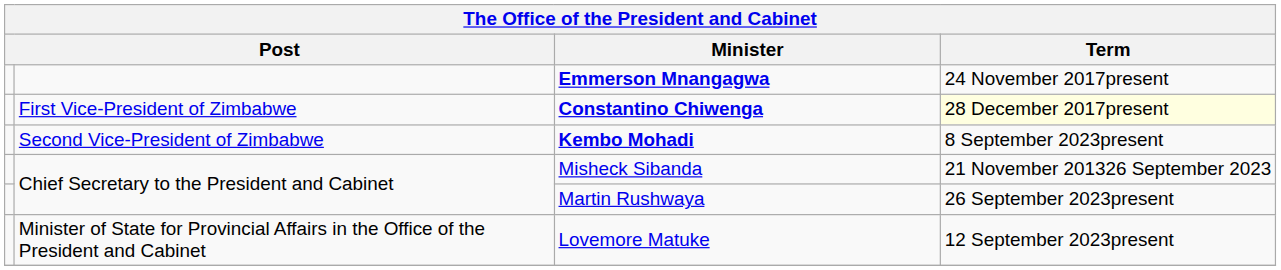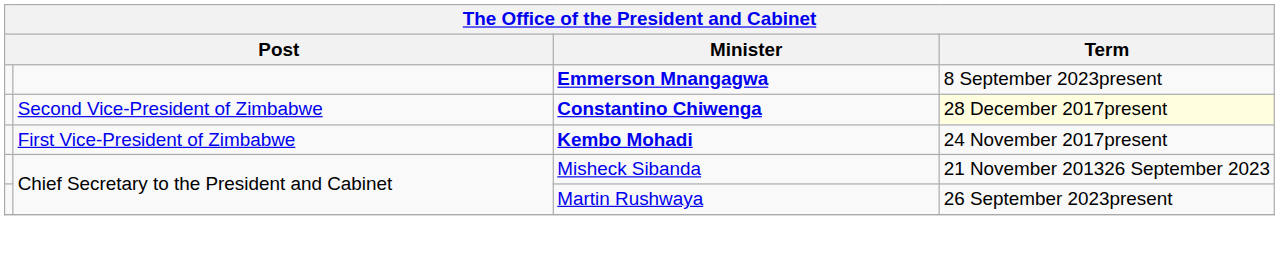 <table class="wikitable">
 <tr>
 <th colspan="4"><a href='#'>The Office of the President and Cabinet</a></th>
 </tr>
 <tr>
 <th colspan="2">Post</th>
 <th>Minister</th>
 <th>Term</th>
 </tr>
 <tr>
 <td></td>
 <td style="width: 450px;"></td>
 <td style="width: 320px;"> <strong><a href='#'>Emmerson Mnangagwa</a></strong></td>
-<td>24 November 2017present</td>
+<td>8 September 2023present</td>
 </tr>
 <tr>
 <td></td>
-<td style="width: 450px;"><a href='#'>First Vice-President of Zimbabwe</a></td>
+<td rowspan="1" style="width: 450px;"><a href='#'>Second Vice-President of Zimbabwe</a></td>
 <td style="width: 320px;"> <strong><a href='#'>Constantino Chiwenga</a></strong></td>
 <td style="background: lightyellow;">28 December 2017present</td>
 </tr>
 <tr>
 <td></td>
-<td rowspan="1" style="width: 450px;"><a href='#'>Second Vice-President of Zimbabwe</a></td>
+<td style="width: 450px;"><a href='#'>First Vice-President of Zimbabwe</a></td>
 <td style="width: 320px;"> <strong><a href='#'>Kembo Mohadi</a></strong></td>
-<td>8 September 2023present</td>
+<td>24 November 2017present</td>
 </tr>
 <tr>
 <td></td>
 <td rowspan="2" style="width: 450px;">Chief Secretary to the President and Cabinet</td>
 <td style="width: 320px;"> <a href='#'>Misheck Sibanda</a></td>
 <td>21 November 201326 September 2023</td>
 </tr>
 <tr>
 <td></td>
 <td style="width: 320px;"> <a href='#'>Martin Rushwaya</a></td>
 <td>26 September 2023present</td>
 </tr>
 <tr>
-<td style="width: 1px; background: "></td>
-<td style="width: 450px;">Minister of State for Provincial Affairs in the Office of the President and Cabinet</td>
-<td style="width: 320px;"><a href='#'>Lovemore Matuke</a></td>
-<td>12 September 2023present</td>
-</tr>
-<tr>
 </tr>
 </table>
